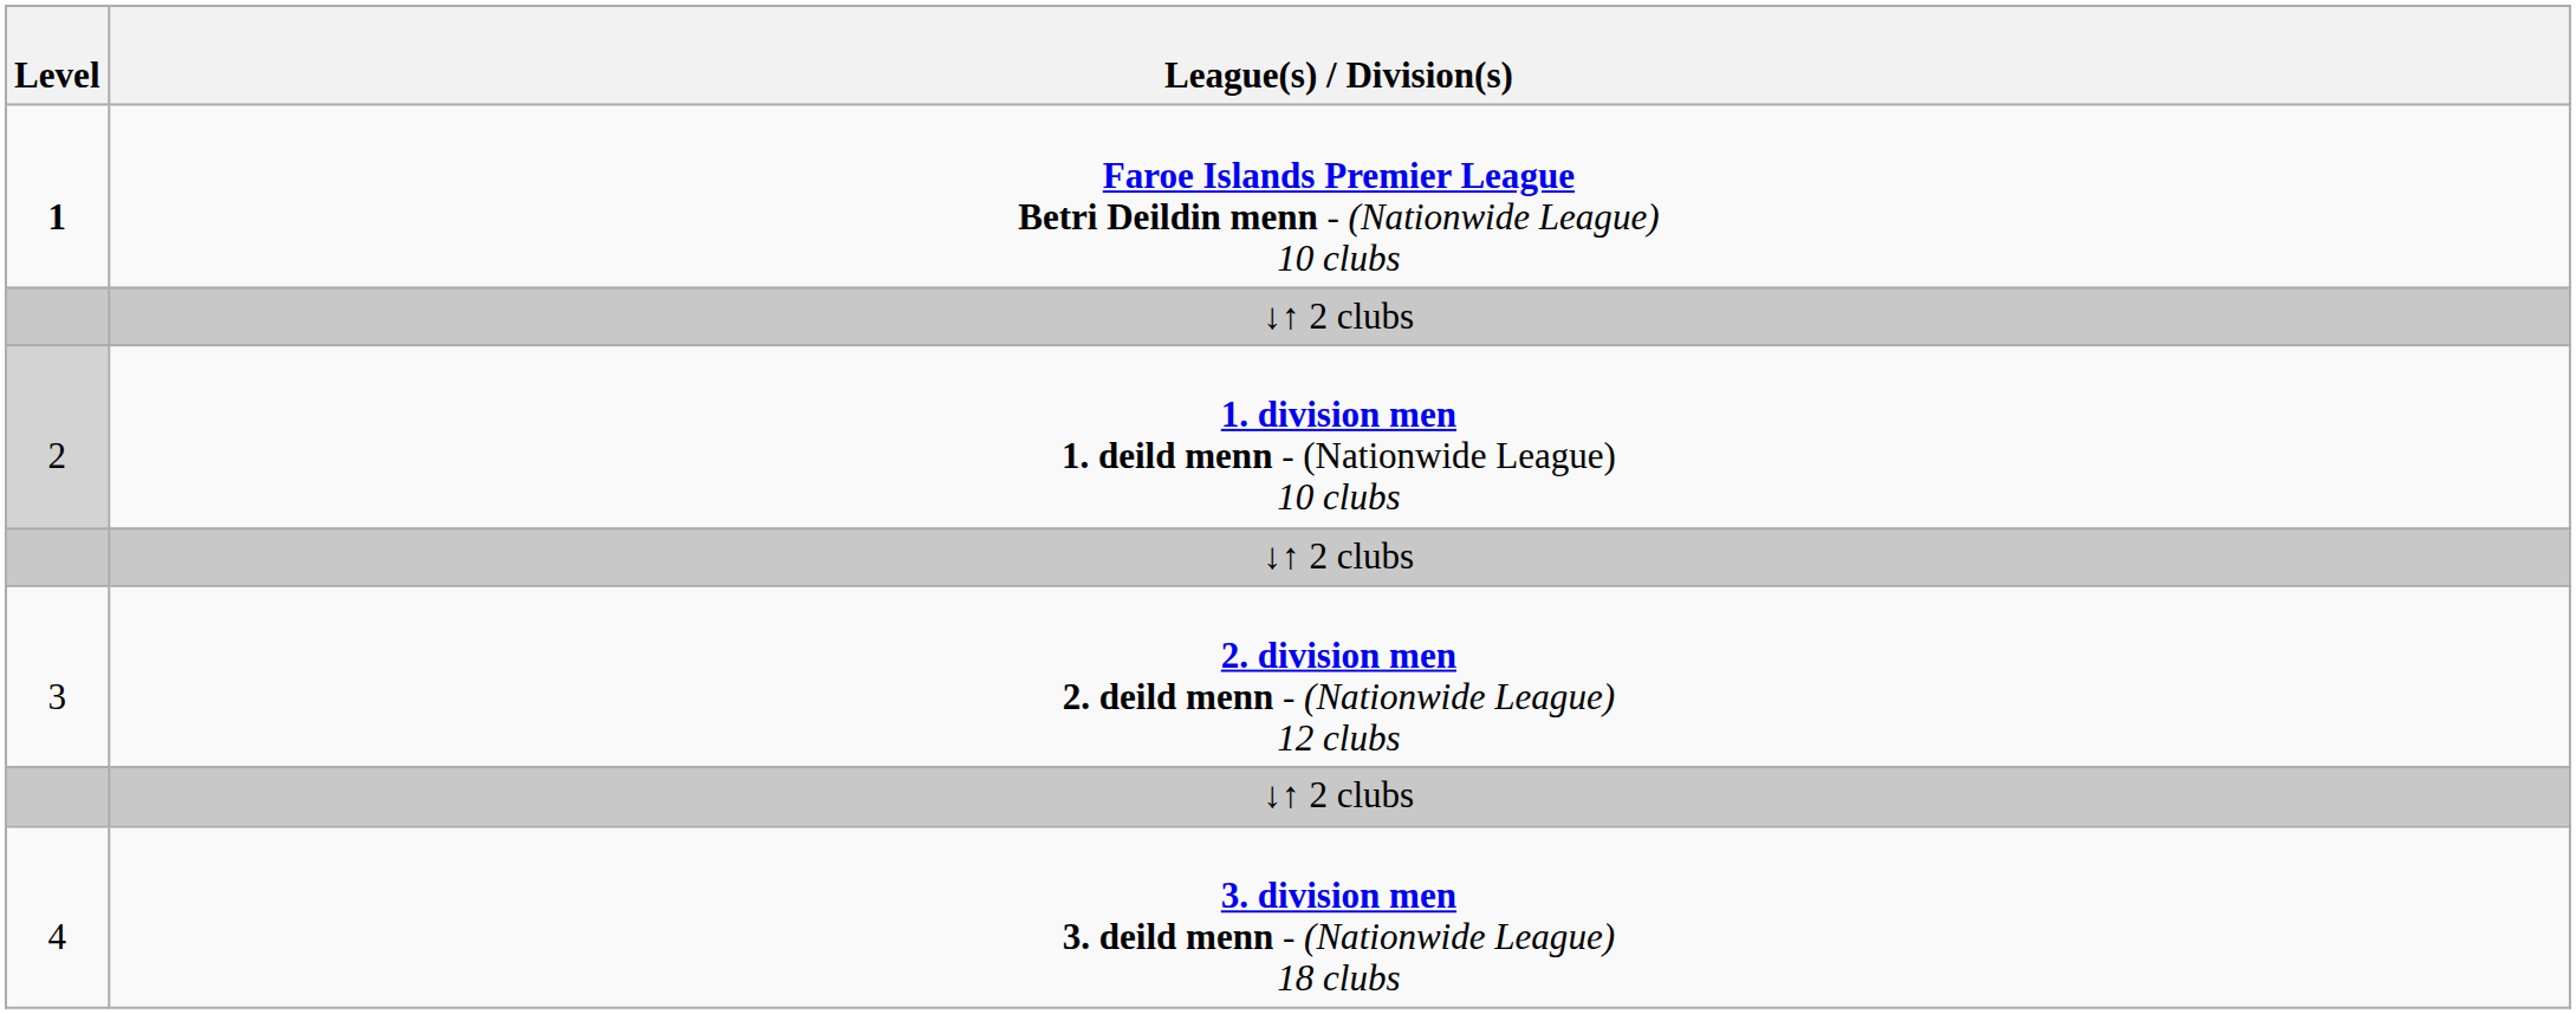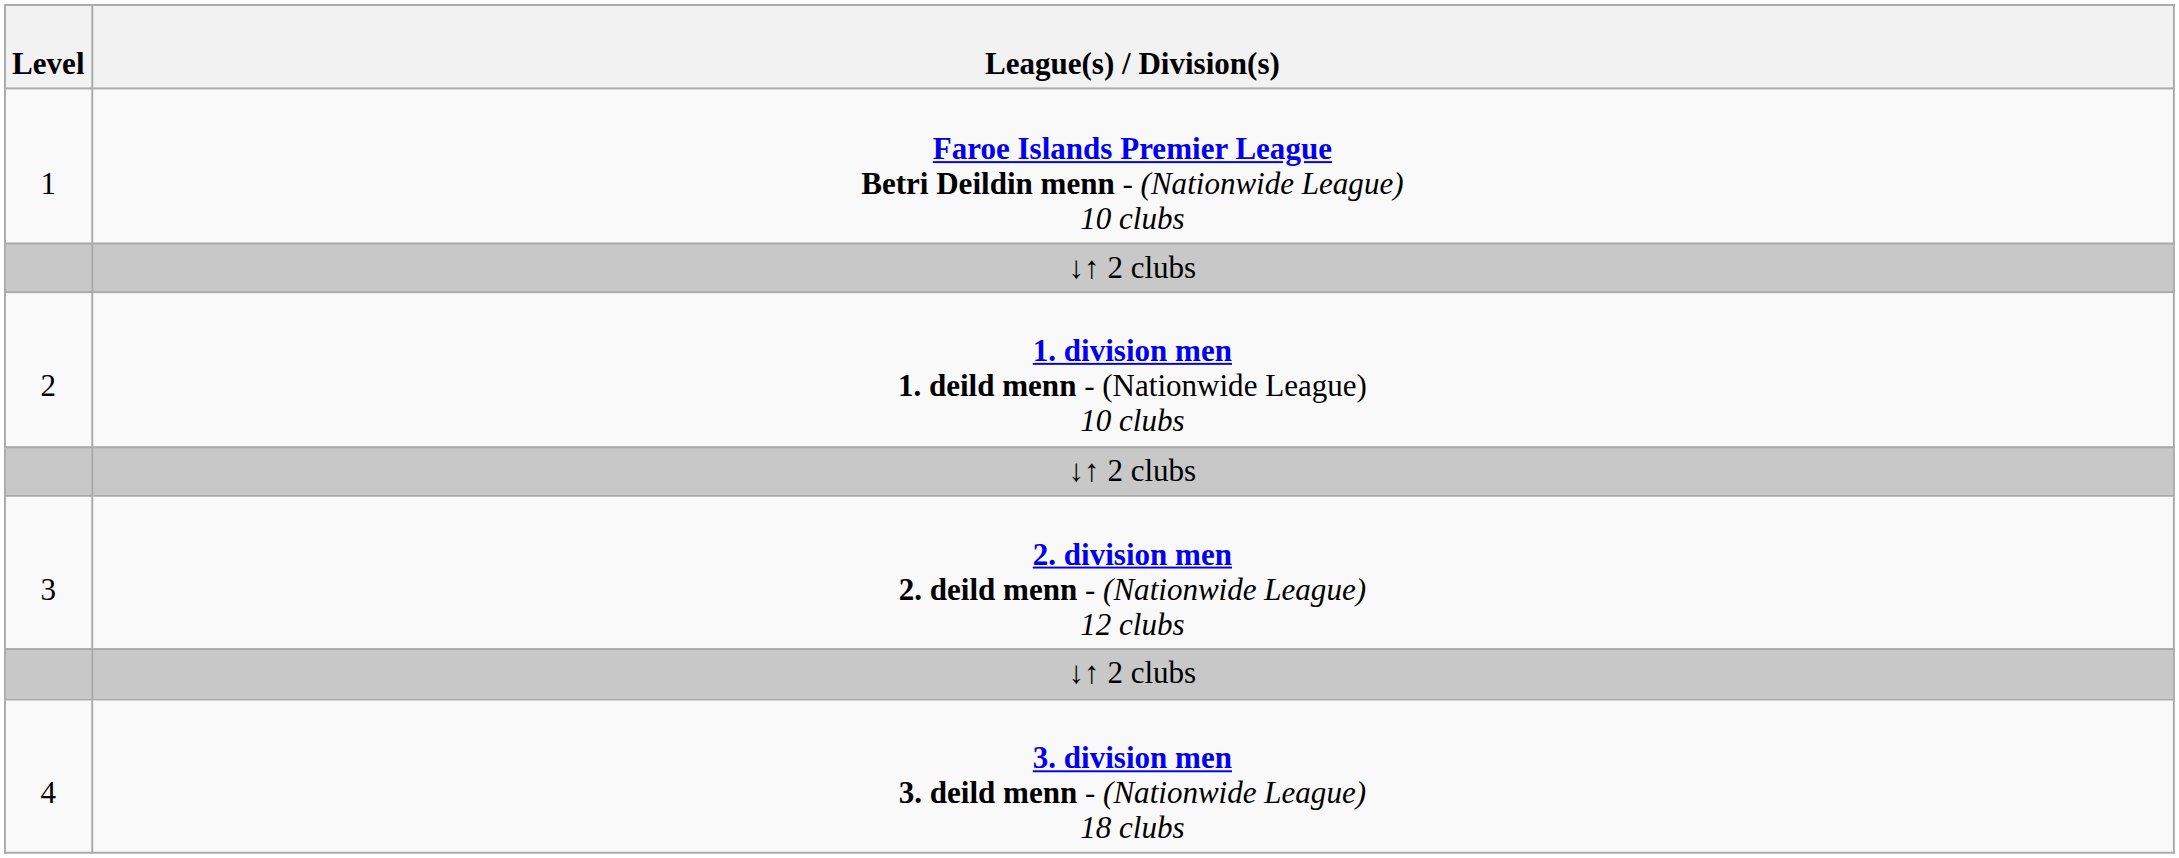 <table class="wikitable" style="text-align: center;">
 <tr>
 <th colspan="1" width="4%"><br>Level</th>
 <th colspan="8" width="96%"><br>League(s) / Division(s)</th>
 </tr>
 <tr>
-<td colspan="1" width="4%"><strong><br>1</strong></td>
+<td colspan="1" width="4%"><br>1</td>
 <td colspan="8" width="96%"><br><strong><a href='#'>Faroe Islands Premier League</a></strong><br> <strong>Betri Deildin menn</strong> - <em>(Nationwide League)</em><br> <em>10 clubs</em></td>
 </tr>
 <tr style="background:#c8c8c8">
 <td style="width:4%;"></td>
 <td colspan="9" style="width:96%;">↓↑ 2 clubs</td>
 </tr>
 <tr>
-<td colspan="1" width="4%" style="background: lightgrey;"><br>2</td>
+<td colspan="1" width="4%"><br>2</td>
 <td colspan="8" width="96%"><br><strong><a href='#'>1. division men</a></strong><br> <strong>1. deild menn</strong> - (Nationwide League) <br> <em>10 clubs</em></td>
 </tr>
 <tr style="background:#c8c8c8">
 <td style="width:4%;"></td>
 <td colspan="9" style="width:96%;">↓↑ 2 clubs</td>
 </tr>
 <tr>
 <td colspan="1" width="4%"><br>3</td>
 <td colspan="8" width="96%"><br><strong><a href='#'>2. division men</a></strong><br> <strong>2. deild menn</strong> - <em>(Nationwide League)</em> <br> <em>12 clubs</em></td>
 </tr>
 <tr style="background:#c8c8c8">
 <td style="width:4%;"></td>
 <td colspan="9" style="width:96%;">↓↑ 2 clubs</td>
 </tr>
 <tr>
 <td colspan="1" width="4%"><br>4</td>
 <td colspan="8" width="96%"><br><strong><a href='#'>3. division men</a></strong><br> <strong>3. deild menn</strong> - <em>(Nationwide League)</em> <br> <em>18 clubs</em></td>
 </tr>
 </table>
